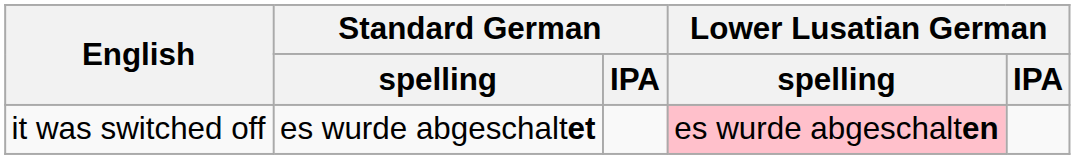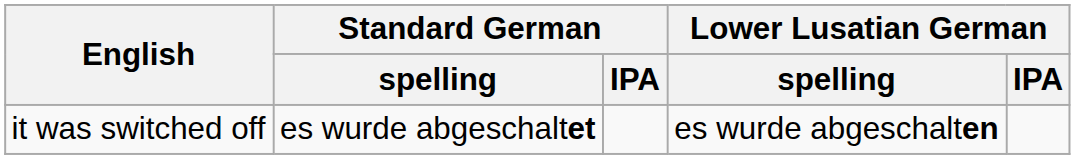 <table class="wikitable" style="margin: 1em auto 1em auto">
 <tr>
 <th rowspan="2">English</th>
 <th colspan="2">Standard German</th>
 <th colspan="2">Lower Lusatian German</th>
 </tr>
 <tr>
 <th>spelling</th>
 <th>IPA</th>
 <th>spelling</th>
 <th>IPA</th>
 </tr>
 <tr>
 <td>it was switched off</td>
 <td>es wurde abgeschalt<strong>et</strong></td>
 <td></td>
-<td style="background: pink;">es wurde abgeschalt<strong>en</strong></td>
+<td>es wurde abgeschalt<strong>en</strong></td>
 <td></td>
 </tr>
 </table>
